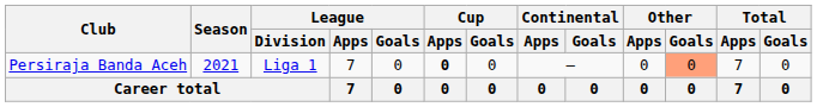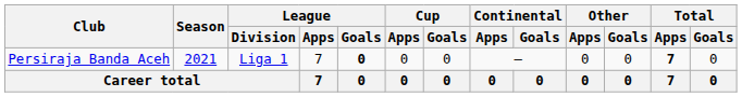 <table class="wikitable" style="text-align: center">
 <tr>
 <th rowspan="2">Club</th>
 <th rowspan="2">Season</th>
 <th colspan="3">League</th>
 <th colspan="2">Cup</th>
 <th colspan="2">Continental</th>
 <th colspan="2">Other</th>
 <th colspan="2">Total</th>
 </tr>
 <tr>
 <th>Division</th>
 <th>Apps</th>
 <th>Goals</th>
 <th>Apps</th>
 <th>Goals</th>
 <th>Apps</th>
 <th>Goals</th>
 <th>Apps</th>
 <th>Goals</th>
 <th>Apps</th>
 <th>Goals</th>
 </tr>
 <tr>
 <td rowspan="1"><a href='#'>Persiraja Banda Aceh</a></td>
 <td><a href='#'>2021</a></td>
 <td rowspan="1" valign="center"><a href='#'>Liga 1</a></td>
 <td>7</td>
+<td><strong>0</strong></td>
 <td>0</td>
-<td><strong>0</strong></td>
 <td>0</td>
 <td colspan="2">–</td>
 <td>0</td>
-<td style="background: lightsalmon;">0</td>
-<td>7</td>
+<td>0</td>
+<td><strong>7</strong></td>
 <td>0</td>
 </tr>
 <tr>
 <th colspan=3>Career total</th>
 <th>7</th>
 <th>0</th>
 <th>0</th>
 <th>0</th>
 <th>0</th>
 <th>0</th>
 <th>0</th>
 <th>0</th>
 <th>7</th>
 <th>0</th>
 </tr>
 </table>
